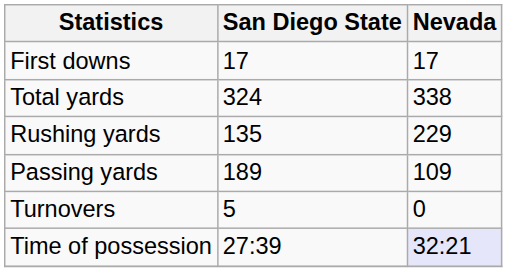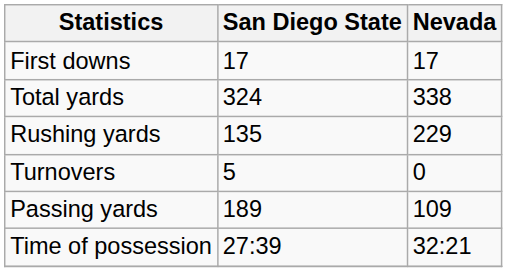 <table class="wikitable">
 <tr>
 <th>Statistics</th>
 <th>San Diego State</th>
 <th>Nevada</th>
 </tr>
 <tr>
 <td>First downs</td>
 <td>17</td>
 <td>17</td>
 </tr>
 <tr>
 <td>Total yards</td>
 <td>324</td>
 <td>338</td>
 </tr>
 <tr>
 <td>Rushing yards</td>
 <td>135</td>
 <td>229</td>
 </tr>
 <tr>
+<td>Turnovers</td>
+<td>5</td>
+<td>0</td>
+</tr>
+<tr>
 <td>Passing yards</td>
 <td>189</td>
 <td>109</td>
 </tr>
 <tr>
-<td>Turnovers</td>
-<td>5</td>
-<td>0</td>
-</tr>
-<tr>
 <td>Time of possession</td>
 <td>27:39</td>
-<td style="background: lavender;">32:21</td>
+<td>32:21</td>
 </tr>
 <tr>
 </tr>
 </table>
